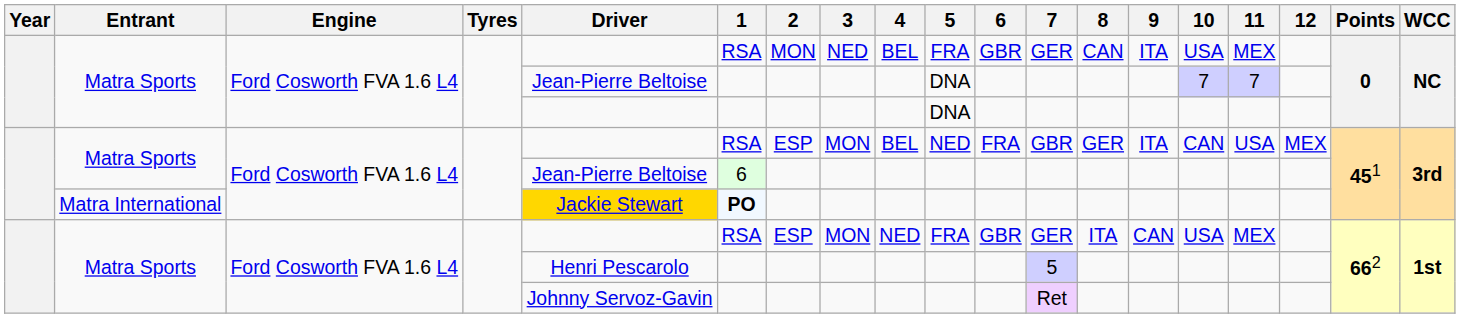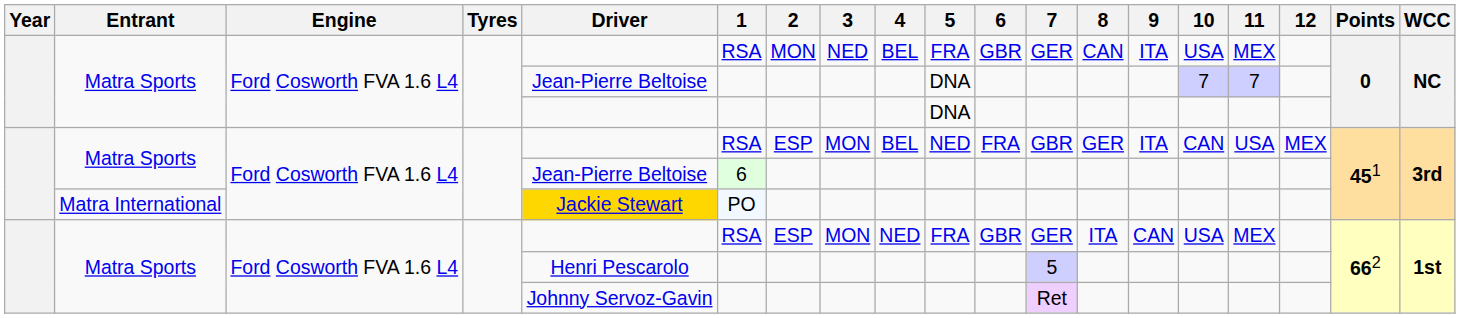 <table class="wikitable" style="text-align:center; font-size:95%">
 <tr>
 <th>Year</th>
 <th>Entrant</th>
 <th>Engine</th>
 <th>Tyres</th>
 <th>Driver</th>
 <th>1</th>
 <th>2</th>
 <th>3</th>
 <th>4</th>
 <th>5</th>
 <th>6</th>
 <th>7</th>
 <th>8</th>
 <th>9</th>
 <th>10</th>
 <th>11</th>
 <th>12</th>
 <th>Points</th>
 <th>WCC</th>
 </tr>
 <tr>
 <th rowspan=3></th>
 <td rowspan=3><a href='#'>Matra Sports</a></td>
 <td rowspan=3><a href='#'>Ford</a> <a href='#'>Cosworth</a> FVA 1.6 <a href='#'>L4</a></td>
 <td rowspan=3><br></td>
 <td></td>
 <td><a href='#'>RSA</a></td>
 <td><a href='#'>MON</a></td>
 <td><a href='#'>NED</a></td>
 <td><a href='#'>BEL</a></td>
 <td><a href='#'>FRA</a></td>
 <td><a href='#'>GBR</a></td>
 <td><a href='#'>GER</a></td>
 <td><a href='#'>CAN</a></td>
 <td><a href='#'>ITA</a></td>
 <td><a href='#'>USA</a></td>
 <td><a href='#'>MEX</a></td>
 <td></td>
 <th rowspan=3>0</th>
 <th rowspan=3>NC</th>
 </tr>
 <tr>
 <td><a href='#'>Jean-Pierre Beltoise</a></td>
 <td></td>
 <td></td>
 <td></td>
 <td></td>
 <td>DNA</td>
 <td></td>
 <td></td>
 <td></td>
 <td></td>
 <td style="background:#CFCFFF;">7</td>
 <td style="background:#CFCFFF;">7</td>
 <td></td>
 </tr>
 <tr>
 <td></td>
 <td></td>
 <td></td>
 <td></td>
 <td></td>
 <td>DNA</td>
 <td></td>
 <td></td>
 <td></td>
 <td></td>
 <td></td>
 <td></td>
 <td></td>
 </tr>
 <tr>
 <th rowspan="3"></th>
 <td rowspan="2"><a href='#'>Matra Sports</a></td>
 <td rowspan="3"><a href='#'>Ford</a> <a href='#'>Cosworth</a> FVA 1.6 <a href='#'>L4</a></td>
 <td rowspan="3"></td>
 <td></td>
 <td><a href='#'>RSA</a></td>
 <td><a href='#'>ESP</a></td>
 <td><a href='#'>MON</a></td>
 <td><a href='#'>BEL</a></td>
 <td><a href='#'>NED</a></td>
 <td><a href='#'>FRA</a></td>
 <td><a href='#'>GBR</a></td>
 <td><a href='#'>GER</a></td>
 <td><a href='#'>ITA</a></td>
 <td><a href='#'>CAN</a></td>
 <td><a href='#'>USA</a></td>
 <td><a href='#'>MEX</a></td>
 <td rowspan="3" style="background:#FFDF9F;"><strong>45</strong><sup>1</sup></td>
 <td rowspan="3" style="background:#FFDF9F;"><strong>3rd</strong></td>
 </tr>
 <tr>
 <td><a href='#'>Jean-Pierre Beltoise</a></td>
 <td style="background:#DFFFDF;">6</td>
 <td></td>
 <td></td>
 <td></td>
 <td></td>
 <td></td>
 <td></td>
 <td></td>
 <td></td>
 <td></td>
 <td></td>
 <td></td>
 </tr>
 <tr>
 <td><a href='#'>Matra International</a></td>
 <td style="background: gold;"><a href='#'>Jackie Stewart</a></td>
-<td style="background:#F1F8FF;"><strong>PO</strong></td>
+<td style="background:#F1F8FF;">PO</td>
 <td></td>
 <td></td>
 <td></td>
 <td></td>
 <td></td>
 <td></td>
 <td></td>
 <td></td>
 <td></td>
 <td></td>
 <td></td>
 </tr>
 <tr>
 <th rowspan="3"></th>
 <td rowspan="3"><a href='#'>Matra Sports</a></td>
 <td rowspan="3"><a href='#'>Ford</a> <a href='#'>Cosworth</a> FVA 1.6 <a href='#'>L4</a></td>
 <td rowspan="3"></td>
 <td></td>
 <td><a href='#'>RSA</a></td>
 <td><a href='#'>ESP</a></td>
 <td><a href='#'>MON</a></td>
 <td><a href='#'>NED</a></td>
 <td><a href='#'>FRA</a></td>
 <td><a href='#'>GBR</a></td>
 <td><a href='#'>GER</a></td>
 <td><a href='#'>ITA</a></td>
 <td><a href='#'>CAN</a></td>
 <td><a href='#'>USA</a></td>
 <td><a href='#'>MEX</a></td>
 <td></td>
 <td rowspan=3 style="background:#FFFFBF;"><strong>66</strong><sup>2</sup></td>
 <td rowspan=3 style="background:#FFFFBF;"><strong>1st</strong></td>
 </tr>
 <tr>
 <td><a href='#'>Henri Pescarolo</a></td>
 <td></td>
 <td></td>
 <td></td>
 <td></td>
 <td></td>
 <td></td>
 <td style="background:#CFCFFF;">5</td>
 <td></td>
 <td></td>
 <td></td>
 <td></td>
 <td></td>
 </tr>
 <tr>
 <td><a href='#'>Johnny Servoz-Gavin</a></td>
 <td></td>
 <td></td>
 <td></td>
 <td></td>
 <td></td>
 <td></td>
 <td style="background:#EFCFFF;">Ret</td>
 <td></td>
 <td></td>
 <td></td>
 <td></td>
 <td></td>
 </tr>
 </table>
